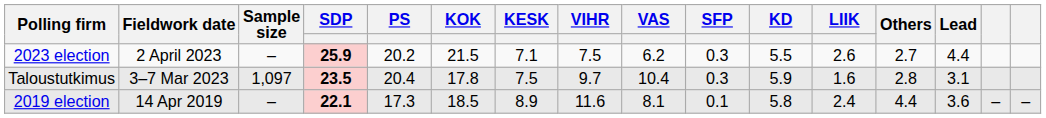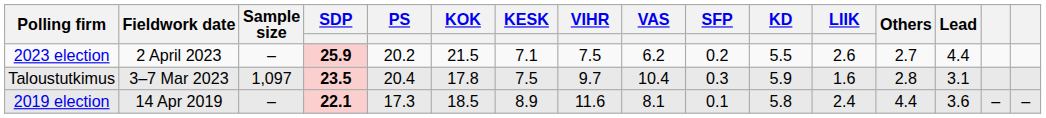 <table class="wikitable sortable mw-datatable" style="text-align:center;font-size:90%;line-height:14px;">
 <tr>
 <th rowspan="2">Polling firm</th>
 <th rowspan="2">Fieldwork date</th>
 <th rowspan="2">Sample<br>size</th>
 <th class="unsortable" style="width:50px;"><a href='#'>SDP</a></th>
 <th class="unsortable" style="width:50px;"><a href='#'>PS</a></th>
 <th class="unsortable" style="width:50px;"><a href='#'>KOK</a></th>
 <th class="unsortable" style="width:50px;"><a href='#'>KESK</a></th>
 <th class="unsortable" style="width:50px;"><a href='#'>VIHR</a></th>
 <th class="unsortable" style="width:50px;"><a href='#'>VAS</a></th>
 <th class="unsortable" style="width:50px;"><a href='#'>SFP</a></th>
 <th class="unsortable" style="width:50px;"><a href='#'>KD</a></th>
 <th class="unsortable" style="width:50px;"><a href='#'>LIIK</a></th>
 <th class="unsortable" style="width:30px;" rowspan="2">Others</th>
 <th class="unsortable" style="width:30px;" rowspan="2">Lead</th>
 <th class="unsortable" style="width:20px;" rowspan="2"></th>
 <th class="unsortable" style="width:20px;" rowspan="2"></th>
 </tr>
 <tr>
 <th data-sort-type="number" style="background:"></th>
 <th data-sort-type="number" style="background:"></th>
 <th data-sort-type="number" style="background:"></th>
 <th data-sort-type="number" style="background:"></th>
 <th data-sort-type="number" style="background:"></th>
 <th data-sort-type="number" style="background:"></th>
 <th data-sort-type="number" style="background:"></th>
 <th data-sort-type="number" style="background:"></th>
 <th data-sort-type="number" style="background:"></th>
 </tr>
 <tr>
 <td><a href='#'>2023 election</a></td>
 <td data-sort-value="2023-04-02">2 April 2023</td>
 <td>–</td>
 <td style="background:#FCCFCF;"><strong>25.9</strong></td>
 <td>20.2</td>
 <td>21.5</td>
 <td>7.1</td>
 <td>7.5</td>
 <td>6.2</td>
-<td>0.3</td>
+<td>0.2</td>
 <td>5.5</td>
 <td>2.6</td>
 <td>2.7</td>
 <td style="background:">4.4</td>
 <td></td>
 <td></td>
 </tr>
 <tr style="background:#E9E9E9;">
 <td>Taloustutkimus</td>
 <td data-sort-value="2023-03-07">3–7 Mar 2023</td>
 <td>1,097</td>
 <td style="background:#FCCFCF;"><strong>23.5</strong></td>
 <td>20.4</td>
 <td>17.8</td>
 <td>7.5</td>
 <td>9.7</td>
 <td>10.4</td>
 <td>0.3</td>
 <td>5.9</td>
 <td>1.6</td>
 <td>2.8</td>
 <td style="background:">3.1</td>
 <td></td>
 <td></td>
 </tr>
 <tr style="background:#E9E9E9;">
 <td><a href='#'>2019 election</a></td>
 <td data-sort-value="2019-04-14">14 Apr 2019</td>
 <td>–</td>
 <td style="background:#FCCFCF;"><strong>22.1</strong></td>
 <td>17.3</td>
 <td>18.5</td>
 <td>8.9</td>
 <td>11.6</td>
 <td>8.1</td>
 <td>0.1</td>
 <td>5.8</td>
 <td>2.4</td>
 <td>4.4</td>
 <td style="background:">3.6</td>
 <td>–</td>
 <td>–</td>
 </tr>
 </table>
